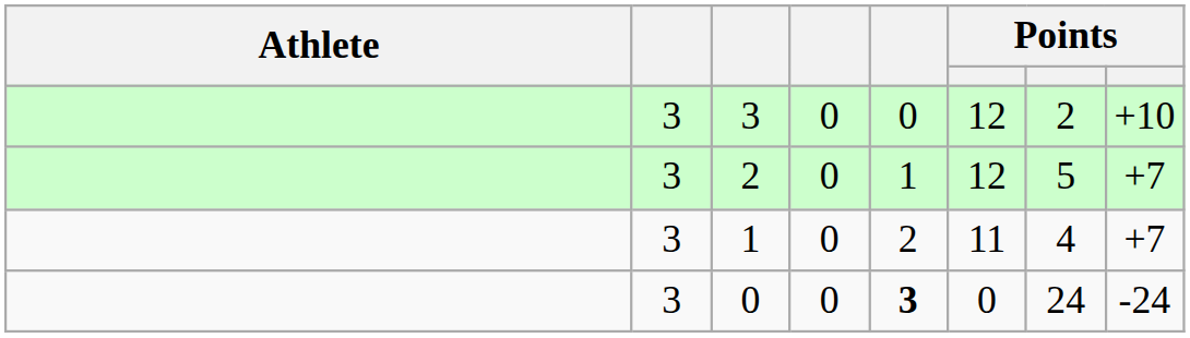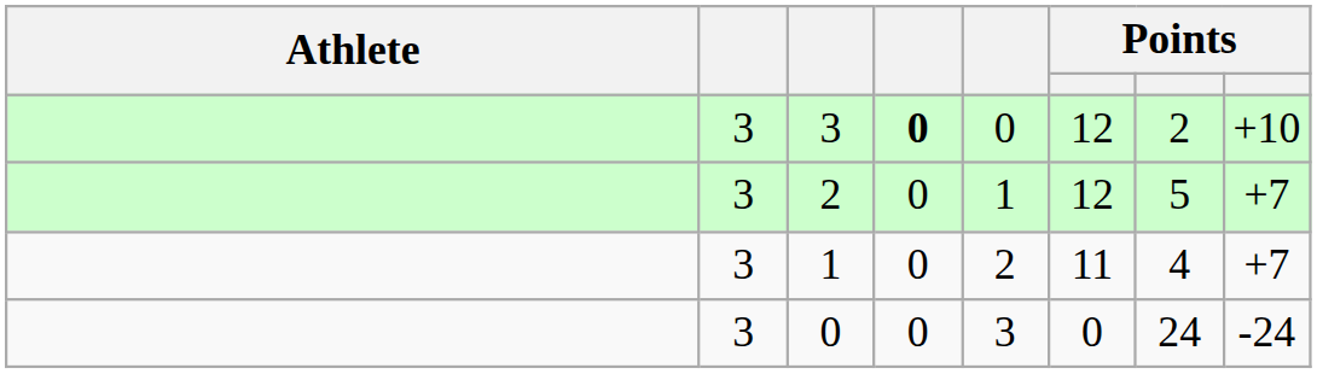 <table class="wikitable" style="text-align: center; font-size:100% ">
 <tr>
 <th rowspan=2 width=250>Athlete</th>
 <th rowspan=2 width=25></th>
 <th rowspan=2 width=25></th>
 <th rowspan=2 width=25></th>
 <th rowspan=2 width=25></th>
 <th colspan=3>Points</th>
 </tr>
 <tr>
 <th width=25></th>
 <th width=25></th>
 <th width=25></th>
 </tr>
 <tr bgcolor="ccffcc">
 <td align=left></td>
 <td>3</td>
 <td>3</td>
-<td>0</td>
+<td><strong>0</strong></td>
 <td>0</td>
 <td>12</td>
 <td>2</td>
 <td>+10</td>
 </tr>
 <tr bgcolor="ccffcc">
 <td align=left></td>
 <td>3</td>
 <td>2</td>
 <td>0</td>
 <td>1</td>
 <td>12</td>
 <td>5</td>
 <td>+7</td>
 </tr>
 <tr>
 <td align=left></td>
 <td>3</td>
 <td>1</td>
 <td>0</td>
 <td>2</td>
 <td>11</td>
 <td>4</td>
 <td>+7</td>
 </tr>
 <tr>
 <td align=left></td>
 <td>3</td>
 <td>0</td>
 <td>0</td>
-<td><strong>3</strong></td>
+<td>3</td>
 <td>0</td>
 <td>24</td>
 <td>-24</td>
 </tr>
 </table>
